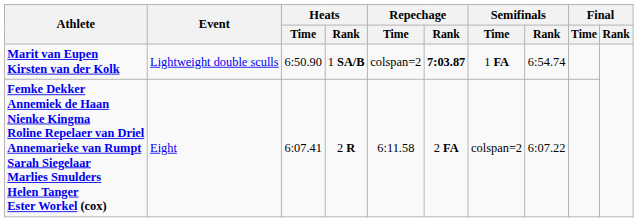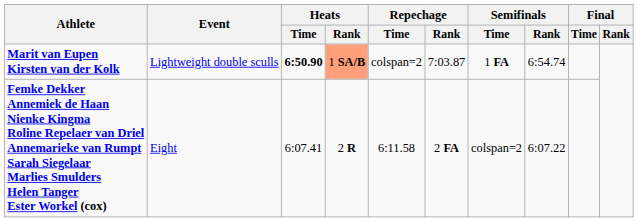 <table class="wikitable" style="font-size:90%">
 <tr>
 <th rowspan="2">Athlete</th>
 <th rowspan="2">Event</th>
 <th colspan="2">Heats</th>
 <th colspan="2">Repechage</th>
 <th colspan="2">Semifinals</th>
 <th colspan="2">Final</th>
 </tr>
 <tr style="font-size:95%">
 <th>Time</th>
 <th>Rank</th>
 <th>Time</th>
 <th>Rank</th>
 <th>Time</th>
 <th>Rank</th>
 <th>Time</th>
 <th>Rank</th>
 </tr>
 <tr align=center>
 <td align=left><strong><a href='#'>Marit van Eupen</a><br><a href='#'>Kirsten van der Kolk</a></strong></td>
 <td align=left><a href='#'>Lightweight double sculls</a></td>
-<td>6:50.90</td>
-<td>1 <strong>SA/B</strong></td>
+<td><strong>6:50.90</strong></td>
+<td style="background: lightsalmon;">1 <strong>SA/B</strong></td>
 <td>colspan=2 </td>
-<td><strong>7:03.87</strong></td>
+<td>7:03.87</td>
 <td>1 <strong>FA</strong></td>
 <td>6:54.74</td>
 <td></td>
 </tr>
 <tr align=center>
 <td align=left><strong><a href='#'>Femke Dekker</a><br><a href='#'>Annemiek de Haan</a> <br><a href='#'>Nienke Kingma</a> <br><a href='#'>Roline Repelaer van Driel</a><br><a href='#'>Annemarieke van Rumpt</a><br><a href='#'>Sarah Siegelaar</a> <br><a href='#'>Marlies Smulders</a><br><a href='#'>Helen Tanger</a><br> <a href='#'>Ester Workel</a> (cox)</strong></td>
 <td align=left><a href='#'>Eight</a></td>
 <td>6:07.41</td>
 <td>2 <strong>R</strong></td>
 <td>6:11.58</td>
 <td>2 <strong>FA</strong></td>
 <td>colspan=2 </td>
 <td>6:07.22</td>
 <td></td>
 </tr>
 </table>
